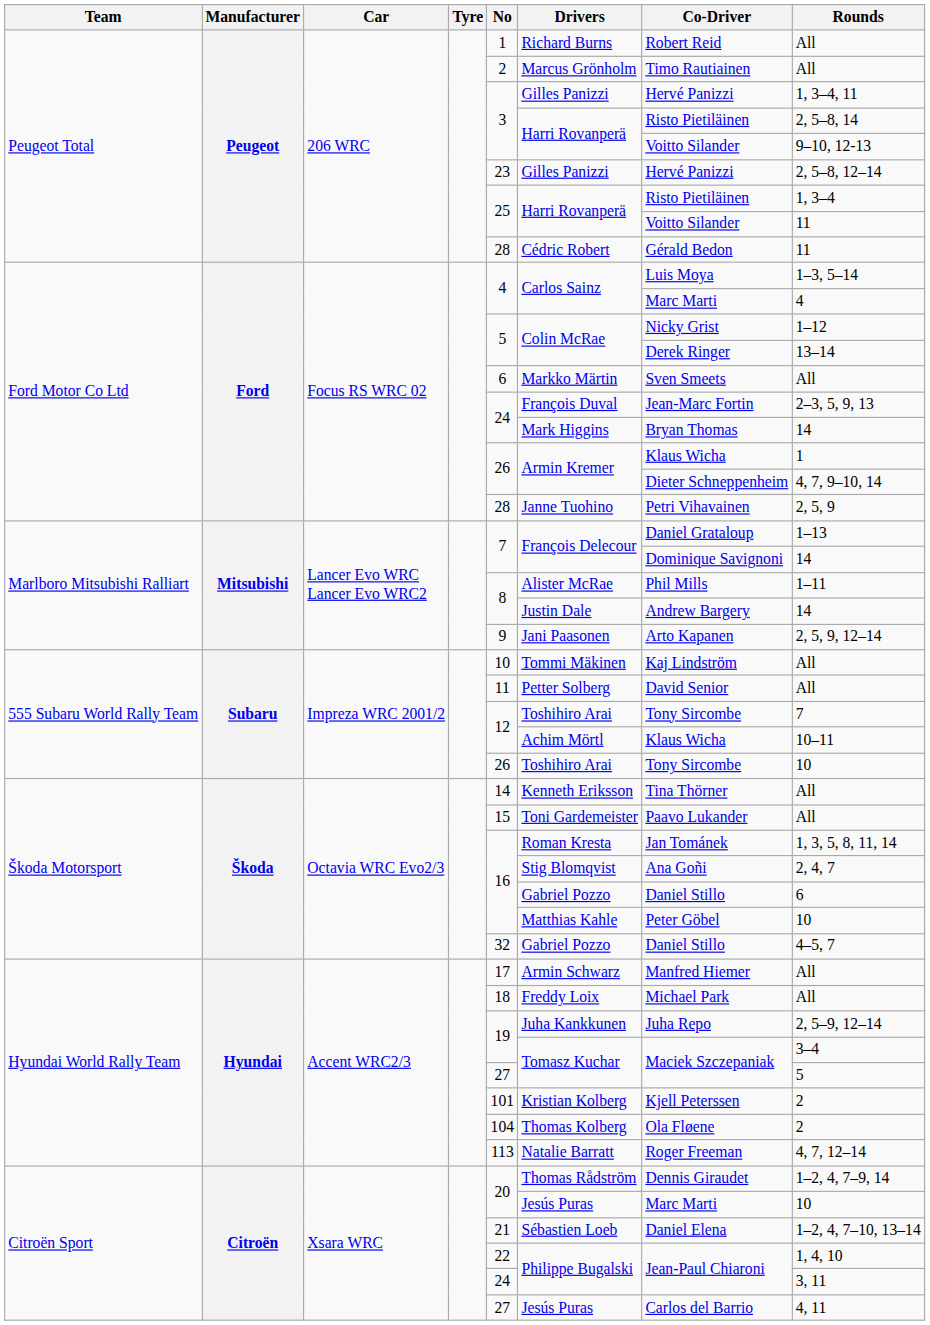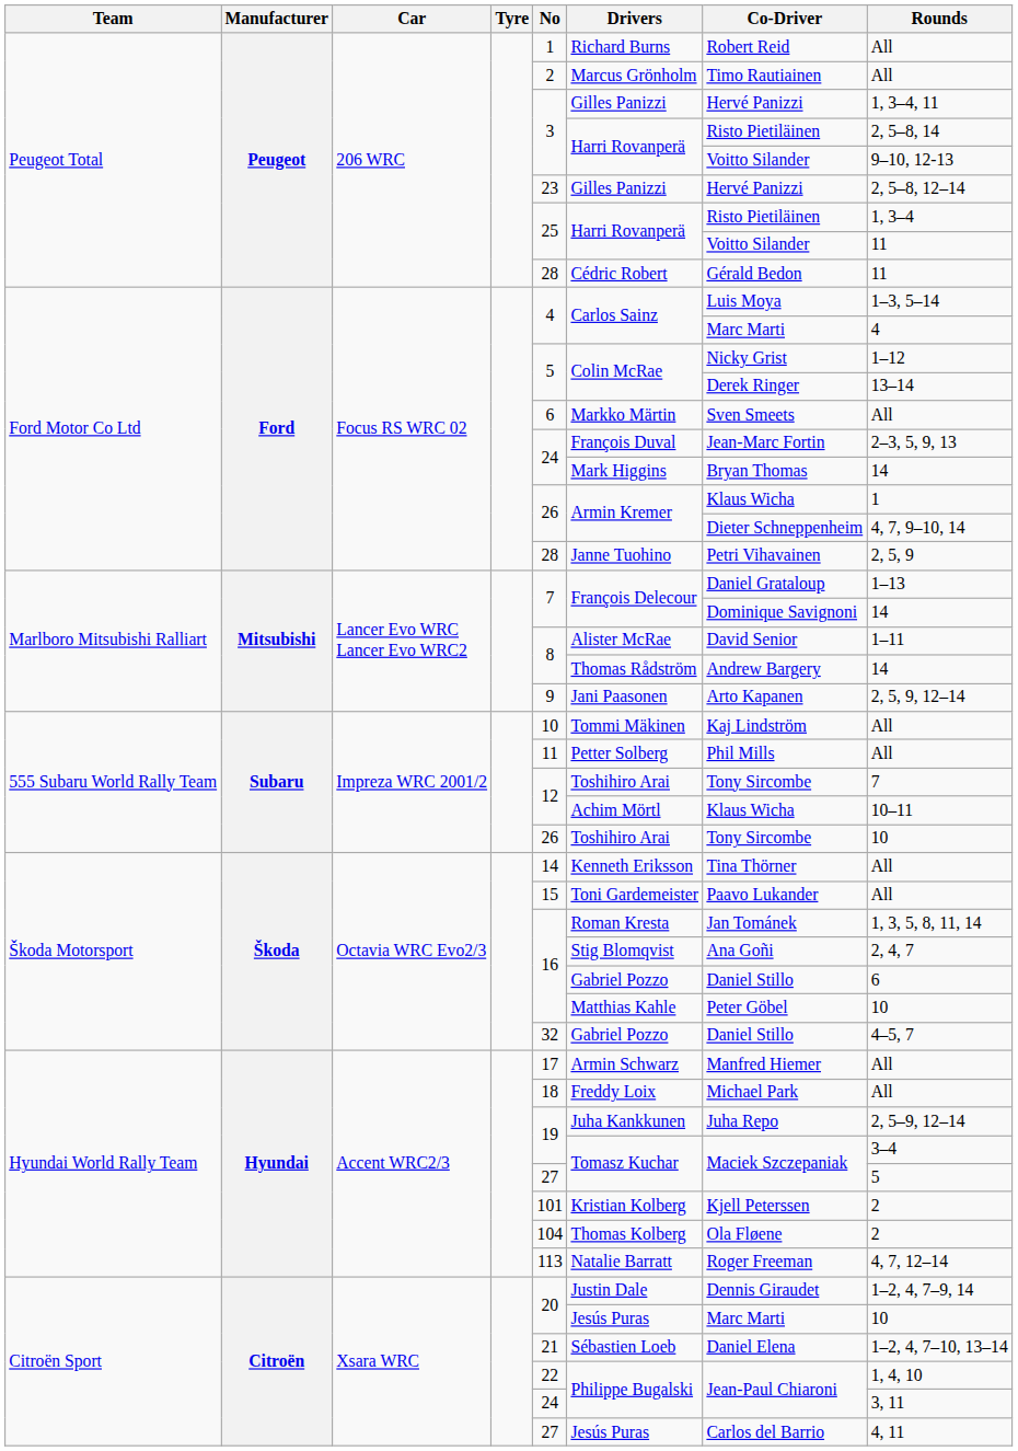 <table class="wikitable" style="font-size: 85%">
 <tr>
 <th>Team</th>
 <th>Manufacturer</th>
 <th>Car</th>
 <th>Tyre</th>
 <th>No</th>
 <th>Drivers</th>
 <th>Co-Driver</th>
 <th>Rounds</th>
 </tr>
 <tr>
 <td rowspan="9"> <a href='#'>Peugeot Total</a></td>
 <th rowspan="9"><a href='#'>Peugeot</a></th>
 <td rowspan="9"><a href='#'>206 WRC</a></td>
 <td rowspan="9" align="center"></td>
 <td align="center">1</td>
 <td> <a href='#'>Richard Burns</a></td>
 <td> <a href='#'> Robert Reid</a></td>
 <td>All</td>
 </tr>
 <tr>
 <td align="center">2</td>
 <td> <a href='#'>Marcus Grönholm</a></td>
 <td> <a href='#'>Timo Rautiainen</a></td>
 <td>All</td>
 </tr>
 <tr>
 <td rowspan="3" align="center">3</td>
 <td> <a href='#'>Gilles Panizzi</a></td>
 <td> <a href='#'>Hervé Panizzi</a></td>
 <td>1, 3–4, 11</td>
 </tr>
 <tr>
 <td rowspan="2"> <a href='#'>Harri Rovanperä</a></td>
 <td> <a href='#'>Risto Pietiläinen</a></td>
 <td>2, 5–8, 14</td>
 </tr>
 <tr>
 <td> <a href='#'>Voitto Silander</a></td>
 <td>9–10, 12-13</td>
 </tr>
 <tr>
 <td align="center">23</td>
 <td> <a href='#'>Gilles Panizzi</a></td>
 <td> <a href='#'>Hervé Panizzi</a></td>
 <td>2, 5–8, 12–14</td>
 </tr>
 <tr>
 <td rowspan="2" align="center">25</td>
 <td rowspan="2"> <a href='#'>Harri Rovanperä</a></td>
 <td> <a href='#'>Risto Pietiläinen</a></td>
 <td>1, 3–4</td>
 </tr>
 <tr>
 <td> <a href='#'>Voitto Silander</a></td>
 <td>11</td>
 </tr>
 <tr>
 <td align="center">28</td>
 <td> <a href='#'> Cédric Robert</a></td>
 <td> <a href='#'> Gérald Bedon</a></td>
 <td>11</td>
 </tr>
 <tr>
 <td rowspan="10"> <a href='#'>Ford Motor Co Ltd</a></td>
 <th rowspan="10"><a href='#'>Ford</a></th>
 <td rowspan="10"><a href='#'>Focus RS WRC 02</a></td>
 <td rowspan="10" align="center"></td>
 <td rowspan="2" align="center">4</td>
 <td rowspan="2"> <a href='#'>Carlos Sainz</a></td>
 <td> <a href='#'>Luis Moya</a></td>
 <td>1–3, 5–14</td>
 </tr>
 <tr>
 <td> <a href='#'>Marc Marti</a></td>
 <td>4</td>
 </tr>
 <tr>
 <td rowspan="2" align="center">5</td>
 <td rowspan="2"> <a href='#'>Colin McRae</a></td>
 <td> <a href='#'>Nicky Grist</a></td>
 <td>1–12</td>
 </tr>
 <tr>
 <td> <a href='#'>Derek Ringer</a></td>
 <td>13–14</td>
 </tr>
 <tr>
 <td align="center">6</td>
 <td> <a href='#'>Markko Märtin</a></td>
 <td> <a href='#'>Sven Smeets</a></td>
 <td>All</td>
 </tr>
 <tr>
 <td rowspan="2" align="center">24</td>
 <td> <a href='#'>François Duval</a></td>
 <td> <a href='#'>Jean-Marc Fortin</a></td>
 <td>2–3, 5, 9, 13</td>
 </tr>
 <tr>
 <td> <a href='#'>Mark Higgins</a></td>
 <td> <a href='#'>Bryan Thomas</a></td>
 <td>14</td>
 </tr>
 <tr>
 <td rowspan="2" align="center">26</td>
 <td rowspan="2"> <a href='#'>Armin Kremer</a></td>
 <td> <a href='#'>Klaus Wicha</a></td>
 <td>1</td>
 </tr>
 <tr>
 <td nowrap> <a href='#'>Dieter Schneppenheim</a></td>
 <td>4, 7, 9–10, 14</td>
 </tr>
 <tr>
 <td align="center">28</td>
 <td> <a href='#'>Janne Tuohino</a></td>
 <td> <a href='#'>Petri Vihavainen</a></td>
 <td>2, 5, 9</td>
 </tr>
 <tr>
 <td rowspan="5"> <a href='#'>Marlboro Mitsubishi Ralliart</a></td>
 <th rowspan="5"><a href='#'>Mitsubishi</a></th>
 <td rowspan="5"><a href='#'>Lancer Evo WRC</a><br><a href='#'>Lancer Evo WRC2</a></td>
 <td rowspan="5" align="center"></td>
 <td rowspan="2" align="center">7</td>
 <td rowspan="2" nowrap> <a href='#'>François Delecour</a></td>
 <td> <a href='#'>Daniel Grataloup</a></td>
 <td>1–13</td>
 </tr>
 <tr>
 <td> <a href='#'>Dominique Savignoni</a></td>
 <td>14</td>
 </tr>
 <tr>
 <td align="center" rowspan="2">8</td>
 <td> <a href='#'>Alister McRae</a></td>
-<td> <a href='#'>Phil Mills</a></td>
+<td> <a href='#'>David Senior</a></td>
 <td>1–11</td>
 </tr>
 <tr>
-<td> <a href='#'>Justin Dale</a></td>
+<td> <a href='#'>Thomas Rådström</a></td>
 <td> <a href='#'>Andrew Bargery</a></td>
 <td>14</td>
 </tr>
 <tr>
 <td align="center">9</td>
 <td> <a href='#'>Jani Paasonen</a></td>
 <td> <a href='#'>Arto Kapanen</a></td>
 <td>2, 5, 9, 12–14</td>
 </tr>
 <tr>
 <td rowspan="5" nowrap> <a href='#'>555 Subaru World Rally Team</a></td>
 <th rowspan="5"><a href='#'>Subaru</a></th>
 <td rowspan="5" nowrap><a href='#'>Impreza WRC 2001/2</a></td>
 <td rowspan="5" align="center"></td>
 <td align="center">10</td>
 <td> <a href='#'>Tommi Mäkinen</a></td>
 <td> <a href='#'>Kaj Lindström</a></td>
 <td>All</td>
 </tr>
 <tr>
 <td align="center">11</td>
 <td> <a href='#'>Petter Solberg</a></td>
-<td> <a href='#'>David Senior</a></td>
+<td> <a href='#'>Phil Mills</a></td>
 <td>All</td>
 </tr>
 <tr>
 <td align="center" rowspan="2">12</td>
 <td> <a href='#'>Toshihiro Arai</a></td>
 <td> <a href='#'>Tony Sircombe</a></td>
 <td>7</td>
 </tr>
 <tr>
 <td> <a href='#'>Achim Mörtl</a></td>
 <td> <a href='#'>Klaus Wicha</a></td>
 <td>10–11</td>
 </tr>
 <tr>
 <td align="center">26</td>
 <td> <a href='#'>Toshihiro Arai</a></td>
 <td> <a href='#'>Tony Sircombe</a></td>
 <td>10</td>
 </tr>
 <tr>
 <td rowspan="7"> <a href='#'>Škoda Motorsport</a></td>
 <th rowspan="7"><a href='#'>Škoda</a></th>
 <td rowspan="7"><a href='#'>Octavia WRC Evo2/3</a></td>
 <td rowspan="7" align="center"></td>
 <td align="center">14</td>
 <td> <a href='#'>Kenneth Eriksson</a></td>
 <td> <a href='#'>Tina Thörner</a></td>
 <td>All</td>
 </tr>
 <tr>
 <td align="center">15</td>
 <td nowrap> <a href='#'>Toni Gardemeister</a></td>
 <td> <a href='#'>Paavo Lukander</a></td>
 <td>All</td>
 </tr>
 <tr>
 <td align="center" rowspan="4">16</td>
 <td> <a href='#'>Roman Kresta</a></td>
 <td> <a href='#'>Jan Tománek</a></td>
 <td>1, 3, 5, 8, 11, 14</td>
 </tr>
 <tr>
 <td> <a href='#'>Stig Blomqvist</a></td>
 <td> <a href='#'>Ana Goñi</a></td>
 <td>2, 4, 7</td>
 </tr>
 <tr>
 <td> <a href='#'>Gabriel Pozzo</a></td>
 <td> <a href='#'>Daniel Stillo</a></td>
 <td>6</td>
 </tr>
 <tr>
 <td> <a href='#'>Matthias Kahle</a></td>
 <td> <a href='#'> Peter Göbel</a></td>
 <td>10</td>
 </tr>
 <tr>
 <td align="center">32</td>
 <td> <a href='#'>Gabriel Pozzo</a></td>
 <td> <a href='#'>Daniel Stillo</a></td>
 <td>4–5, 7</td>
 </tr>
 <tr>
 <td rowspan="8"> <a href='#'>Hyundai World Rally Team</a></td>
 <th rowspan="8"><a href='#'>Hyundai</a></th>
 <td rowspan="8"><a href='#'>Accent WRC2/3</a></td>
 <td rowspan="8" align="center"></td>
 <td align="center">17</td>
 <td> <a href='#'>Armin Schwarz</a></td>
 <td> <a href='#'>Manfred Hiemer</a></td>
 <td>All</td>
 </tr>
 <tr>
 <td align="center">18</td>
 <td> <a href='#'>Freddy Loix</a></td>
 <td> <a href='#'>Michael Park</a></td>
 <td>All</td>
 </tr>
 <tr>
 <td align="center" rowspan="2">19</td>
 <td> <a href='#'>Juha Kankkunen</a></td>
 <td> <a href='#'>Juha Repo</a></td>
 <td>2, 5–9, 12–14</td>
 </tr>
 <tr>
 <td rowspan="2"> <a href='#'>Tomasz Kuchar</a></td>
 <td rowspan="2"> <a href='#'>Maciek Szczepaniak</a></td>
 <td>3–4</td>
 </tr>
 <tr>
 <td align="center">27</td>
 <td>5</td>
 </tr>
 <tr>
 <td align="center">101</td>
 <td> <a href='#'>Kristian Kolberg</a></td>
 <td> <a href='#'>Kjell Peterssen</a></td>
 <td>2</td>
 </tr>
 <tr>
 <td align="center">104</td>
 <td> <a href='#'>Thomas Kolberg</a></td>
 <td> <a href='#'>Ola Fløene</a></td>
 <td>2</td>
 </tr>
 <tr>
 <td align="center">113</td>
 <td> <a href='#'>Natalie Barratt</a></td>
 <td> <a href='#'>Roger Freeman</a></td>
 <td>4, 7, 12–14</td>
 </tr>
 <tr>
 <td rowspan="6"> <a href='#'>Citroën Sport</a></td>
 <th rowspan="6"><a href='#'>Citroën</a></th>
 <td rowspan="6"><a href='#'>Xsara WRC</a></td>
 <td rowspan="6" align="center"></td>
 <td align="center" rowspan="2">20</td>
-<td> <a href='#'>Thomas Rådström</a></td>
+<td> <a href='#'>Justin Dale</a></td>
 <td> <a href='#'>Dennis Giraudet</a></td>
 <td>1–2, 4, 7–9, 14</td>
 </tr>
 <tr>
 <td> <a href='#'>Jesús Puras</a></td>
 <td> <a href='#'>Marc Marti</a></td>
 <td>10</td>
 </tr>
 <tr>
 <td align="center">21</td>
 <td> <a href='#'>Sébastien Loeb</a></td>
 <td> <a href='#'>Daniel Elena</a></td>
 <td nowrap>1–2, 4, 7–10, 13–14</td>
 </tr>
 <tr>
 <td align="center">22</td>
 <td rowspan="2"> <a href='#'>Philippe Bugalski</a></td>
 <td rowspan="2"> <a href='#'>Jean-Paul Chiaroni</a></td>
 <td>1, 4, 10</td>
 </tr>
 <tr>
 <td align="center">24</td>
 <td>3, 11</td>
 </tr>
 <tr>
 <td align="center">27</td>
 <td> <a href='#'>Jesús Puras</a></td>
 <td> <a href='#'>Carlos del Barrio</a></td>
 <td>4, 11</td>
 </tr>
 </table>
